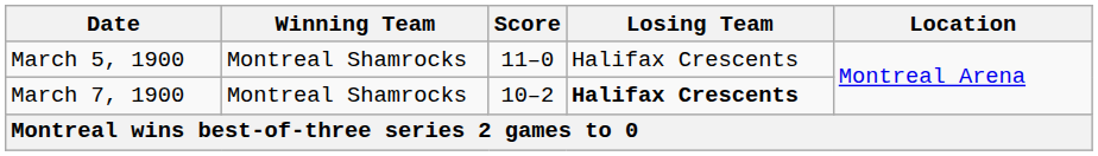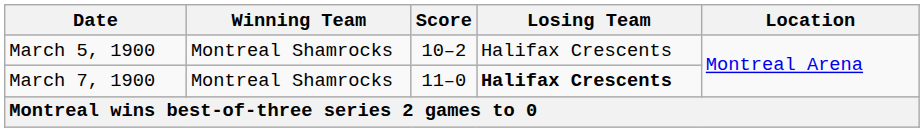 <table class="wikitable">
 <tr>
 <th width="120">Date</th>
 <th width="150">Winning Team</th>
 <th width="5">Score</th>
 <th width="150">Losing Team</th>
 <th width="145">Location</th>
 </tr>
 <tr>
 <td>March 5, 1900</td>
 <td>Montreal Shamrocks</td>
-<td align="center">11–0</td>
+<td align="center">10–2</td>
 <td>Halifax Crescents</td>
 <td rowspan="2"><a href='#'>Montreal Arena</a></td>
 </tr>
 <tr>
 <td>March 7, 1900</td>
 <td>Montreal Shamrocks</td>
-<td align="center">10–2</td>
+<td align="center">11–0</td>
 <td><strong>Halifax Crescents</strong></td>
 </tr>
 <tr>
 <th colspan="5" style="text-align:left;">Montreal wins best-of-three series 2 games to 0</th>
 </tr>
 </table>
